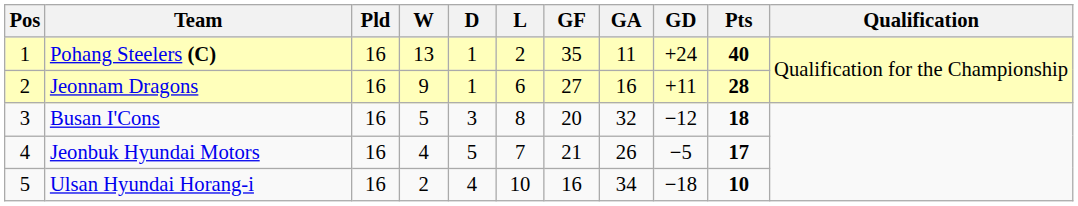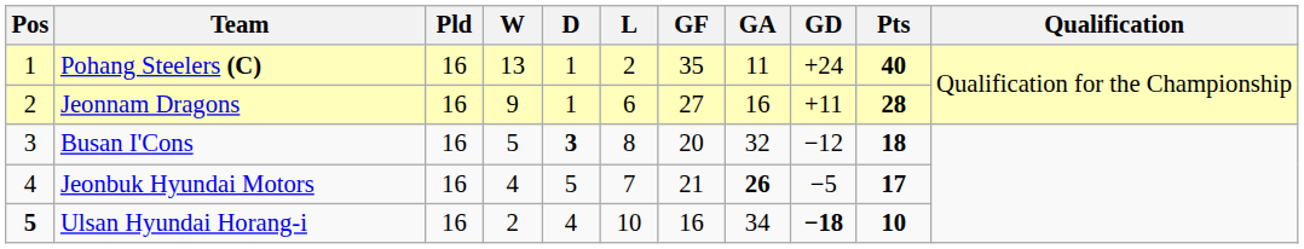 <table class="wikitable" style="text-align:center;">
 <tr>
 <th width=20>Pos</th>
 <th width=230>Team</th>
 <th width=30 abbr="Played">Pld</th>
 <th width=30 abbr="Won">W</th>
 <th width=30 abbr="Draw">D</th>
 <th width=30 abbr="Lost">L</th>
 <th width=35 abbr="Goals for">GF</th>
 <th width=35 abbr="Goals against">GA</th>
 <th width=35 abbr="Goal difference">GD</th>
 <th width=40 abbr="Points">Pts</th>
 <th>Qualification</th>
 </tr>
 <tr bgcolor=#ffffbb>
 <td>1</td>
 <td align="left"><a href='#'>Pohang Steelers</a> <strong>(C)</strong></td>
 <td>16</td>
 <td>13</td>
 <td>1</td>
 <td>2</td>
 <td>35</td>
 <td>11</td>
 <td>+24</td>
 <td><strong>40</strong></td>
 <td rowspan=2>Qualification for the Championship</td>
 </tr>
 <tr bgcolor=#ffffbb>
 <td>2</td>
 <td align="left"><a href='#'>Jeonnam Dragons</a></td>
 <td>16</td>
 <td>9</td>
 <td>1</td>
 <td>6</td>
 <td>27</td>
 <td>16</td>
 <td>+11</td>
 <td><strong>28</strong></td>
 </tr>
 <tr>
 <td>3</td>
 <td align="left"><a href='#'>Busan I'Cons</a></td>
 <td>16</td>
 <td>5</td>
-<td>3</td>
+<td><strong>3</strong></td>
 <td>8</td>
 <td>20</td>
 <td>32</td>
 <td>−12</td>
 <td><strong>18</strong></td>
 <td rowspan="3"></td>
 </tr>
 <tr>
 <td>4</td>
 <td align="left"><a href='#'>Jeonbuk Hyundai Motors</a></td>
 <td>16</td>
 <td>4</td>
 <td>5</td>
 <td>7</td>
 <td>21</td>
-<td>26</td>
+<td><strong>26</strong></td>
 <td>−5</td>
 <td><strong>17</strong></td>
 </tr>
 <tr>
-<td>5</td>
+<td><strong>5</strong></td>
 <td align="left"><a href='#'>Ulsan Hyundai Horang-i</a></td>
 <td>16</td>
 <td>2</td>
 <td>4</td>
 <td>10</td>
 <td>16</td>
 <td>34</td>
-<td>−18</td>
+<td><strong>−18</strong></td>
 <td><strong>10</strong></td>
 </tr>
 </table>
